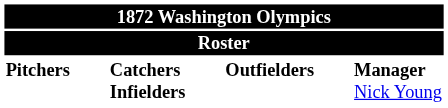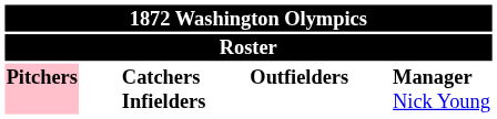 <table class="toccolours" style="font-size: 95%;">
 <tr>
 <th colspan="10" style="background-color: black; color:white; text-align: center;">1872 Washington Olympics</th>
 </tr>
 <tr>
 <td colspan="10" style="background-color:black; color: white; text-align: center;"><strong>Roster</strong></td>
 </tr>
 <tr>
-<td valign="top"><strong>Pitchers</strong><br></td>
+<td valign="top" style="background: pink;"><strong>Pitchers</strong><br></td>
 <td width="25px"></td>
 <td valign="top"><strong>Catchers</strong><br>  <strong>Infielders</strong>     </td>
 <td width="25px"></td>
 <td valign="top"><strong>Outfielders</strong><br>    </td>
 <td width="25px"></td>
 <td valign="top"><strong>Manager</strong><br><a href='#'>Nick Young</a></td>
 </tr>
 </table>
